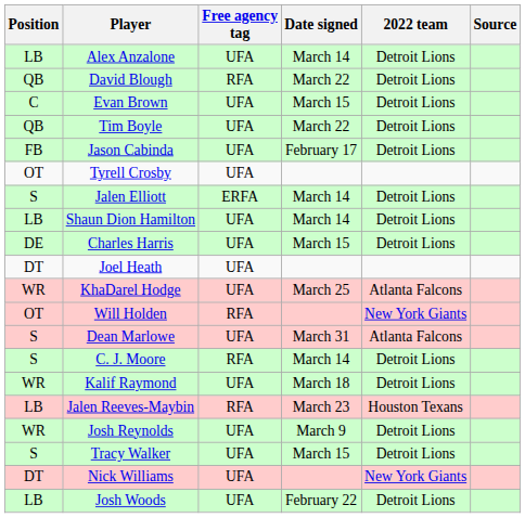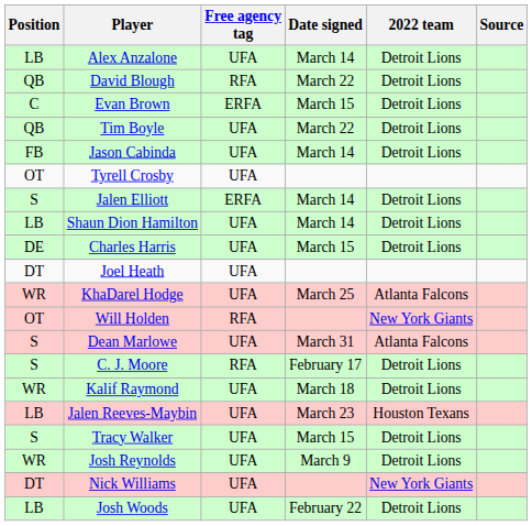 <table class="wikitable" style="text-align:center">
 <tr>
 <th>Position</th>
 <th>Player</th>
 <th><a href='#'><span>Free agency</span></a><br>tag</th>
 <th>Date signed</th>
 <th>2022 team</th>
 <th>Source</th>
 </tr>
 <tr bgcolor=ccffcc>
 <td>LB</td>
 <td><a href='#'>Alex Anzalone</a></td>
 <td>UFA</td>
 <td>March 14</td>
 <td>Detroit Lions</td>
 <td></td>
 </tr>
 <tr bgcolor=ccffcc>
 <td>QB</td>
 <td><a href='#'>David Blough</a></td>
 <td>RFA</td>
 <td>March 22</td>
 <td>Detroit Lions</td>
 <td></td>
 </tr>
 <tr bgcolor=ccffcc>
 <td>C</td>
 <td><a href='#'>Evan Brown</a></td>
-<td>UFA</td>
+<td>ERFA</td>
 <td>March 15</td>
 <td>Detroit Lions</td>
 <td></td>
 </tr>
 <tr bgcolor=ccffcc>
 <td>QB</td>
 <td><a href='#'>Tim Boyle</a></td>
 <td>UFA</td>
 <td>March 22</td>
 <td>Detroit Lions</td>
 <td></td>
 </tr>
 <tr bgcolor=ccffcc>
 <td>FB</td>
 <td><a href='#'>Jason Cabinda</a></td>
 <td>UFA</td>
-<td>February 17</td>
+<td>March 14</td>
 <td>Detroit Lions</td>
 <td></td>
 </tr>
 <tr>
 <td>OT</td>
 <td><a href='#'>Tyrell Crosby</a></td>
 <td>UFA</td>
 <td></td>
 <td></td>
 <td></td>
 </tr>
 <tr bgcolor=ccffcc>
 <td>S</td>
 <td><a href='#'>Jalen Elliott</a></td>
 <td>ERFA</td>
 <td>March 14</td>
 <td>Detroit Lions</td>
 <td></td>
 </tr>
 <tr bgcolor=ccffcc>
 <td>LB</td>
 <td><a href='#'>Shaun Dion Hamilton</a></td>
 <td>UFA</td>
 <td>March 14</td>
 <td>Detroit Lions</td>
 <td></td>
 </tr>
 <tr bgcolor=ccffcc>
 <td>DE</td>
 <td><a href='#'>Charles Harris</a></td>
 <td>UFA</td>
 <td>March 15</td>
 <td>Detroit Lions</td>
 <td></td>
 </tr>
 <tr>
 <td>DT</td>
 <td><a href='#'>Joel Heath</a></td>
 <td>UFA</td>
 <td></td>
 <td></td>
 <td></td>
 </tr>
 <tr bgcolor=ffcccc>
 <td>WR</td>
 <td><a href='#'>KhaDarel Hodge</a></td>
 <td>UFA</td>
 <td>March 25</td>
 <td>Atlanta Falcons</td>
 <td></td>
 </tr>
 <tr bgcolor=ffcccc>
 <td>OT</td>
 <td><a href='#'>Will Holden</a></td>
 <td>RFA</td>
 <td></td>
 <td><a href='#'>New York Giants</a></td>
 <td></td>
 </tr>
 <tr bgcolor=ffcccc>
 <td>S</td>
 <td><a href='#'>Dean Marlowe</a></td>
 <td>UFA</td>
 <td>March 31</td>
 <td>Atlanta Falcons</td>
 <td></td>
 </tr>
 <tr bgcolor=ccffcc>
 <td>S</td>
 <td><a href='#'>C. J. Moore</a></td>
 <td>RFA</td>
-<td>March 14</td>
+<td>February 17</td>
 <td>Detroit Lions</td>
 <td></td>
 </tr>
 <tr bgcolor=ccffcc>
 <td>WR</td>
 <td><a href='#'>Kalif Raymond</a></td>
 <td>UFA</td>
 <td>March 18</td>
 <td>Detroit Lions</td>
 <td></td>
 </tr>
 <tr bgcolor=ffcccc>
 <td>LB</td>
 <td><a href='#'>Jalen Reeves-Maybin</a></td>
-<td>RFA</td>
+<td>UFA</td>
 <td>March 23</td>
 <td>Houston Texans</td>
+<td></td>
+</tr>
+<tr bgcolor=ccffcc>
+<td>S</td>
+<td><a href='#'>Tracy Walker</a></td>
+<td>UFA</td>
+<td>March 15</td>
+<td>Detroit Lions</td>
 <td></td>
 </tr>
 <tr bgcolor=ccffcc>
 <td>WR</td>
 <td><a href='#'>Josh Reynolds</a></td>
 <td>UFA</td>
 <td>March 9</td>
-<td>Detroit Lions</td>
-<td></td>
-</tr>
-<tr bgcolor=ccffcc>
-<td>S</td>
-<td><a href='#'>Tracy Walker</a></td>
-<td>UFA</td>
-<td>March 15</td>
 <td>Detroit Lions</td>
 <td></td>
 </tr>
 <tr bgcolor=ffcccc>
 <td>DT</td>
 <td><a href='#'>Nick Williams</a></td>
 <td>UFA</td>
 <td></td>
 <td><a href='#'>New York Giants</a></td>
 <td></td>
 </tr>
 <tr bgcolor=ccffcc>
 <td>LB</td>
 <td><a href='#'>Josh Woods</a></td>
 <td>UFA</td>
 <td>February 22</td>
 <td>Detroit Lions</td>
 <td></td>
 </tr>
 </table>
